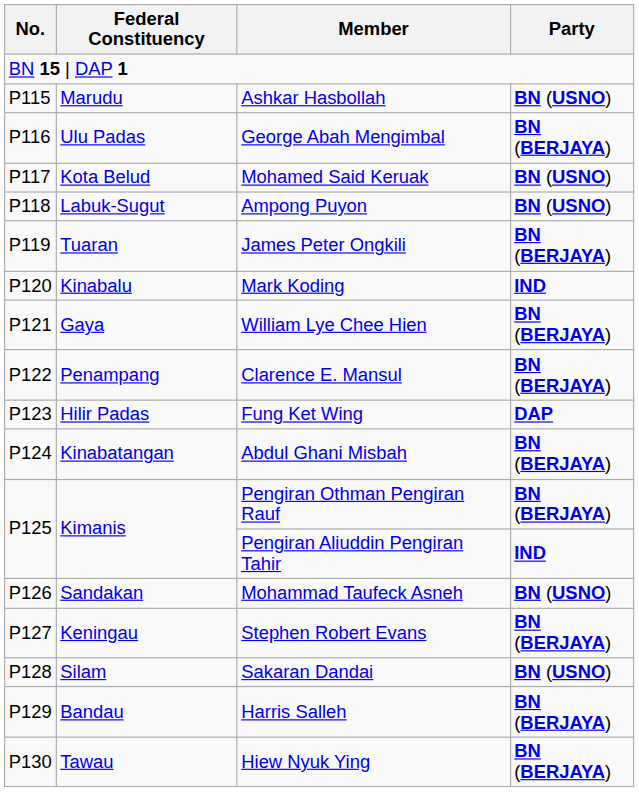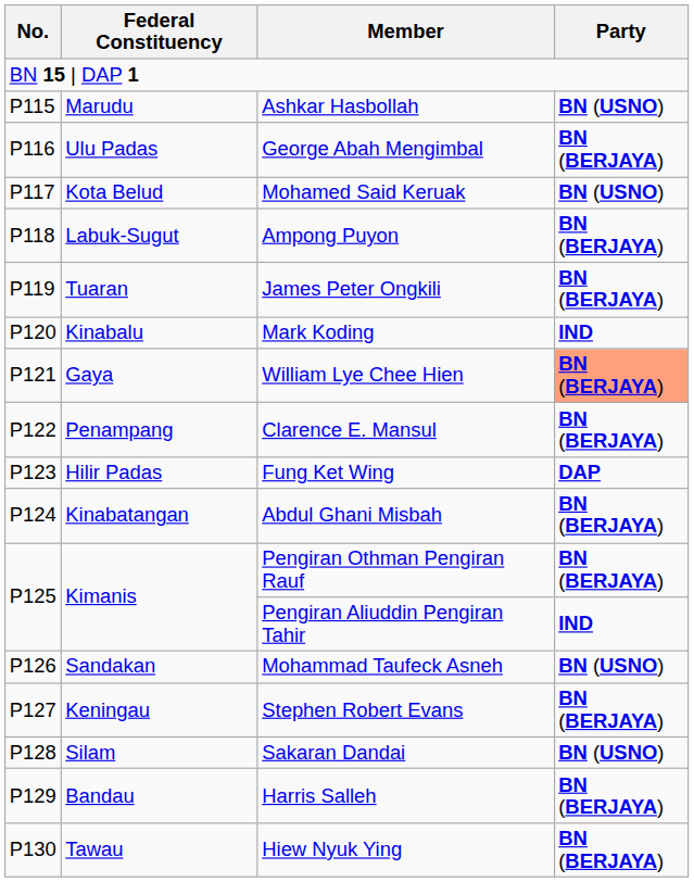 <table class="wikitable sortable">
 <tr>
 <th style="width:30px;">No.</th>
 <th style="width:150px;">Federal Constituency</th>
 <th style="width:230px;">Member</th>
 <th style="width:100px;">Party</th>
 </tr>
 <tr>
 <td colspan="4"><a href='#'>BN</a> <strong>15</strong> | <a href='#'>DAP</a> <strong>1</strong></td>
 </tr>
 <tr>
 <td>P115</td>
 <td><a href='#'>Marudu</a></td>
 <td><a href='#'>Ashkar Hasbollah</a></td>
 <td><strong><a href='#'>BN</a></strong> (<strong><a href='#'>USNO</a></strong>)</td>
 </tr>
 <tr>
 <td>P116</td>
 <td><a href='#'>Ulu Padas</a></td>
 <td><a href='#'>George Abah Mengimbal</a></td>
 <td><strong><a href='#'>BN</a></strong> (<strong><a href='#'>BERJAYA</a></strong>)</td>
 </tr>
 <tr>
 <td>P117</td>
 <td><a href='#'>Kota Belud</a></td>
 <td><a href='#'>Mohamed Said Keruak</a></td>
 <td><strong><a href='#'>BN</a></strong> (<strong><a href='#'>USNO</a></strong>)</td>
 </tr>
 <tr>
 <td>P118</td>
 <td><a href='#'>Labuk-Sugut</a></td>
 <td><a href='#'>Ampong Puyon</a></td>
-<td><strong><a href='#'>BN</a></strong> (<strong><a href='#'>USNO</a></strong>)</td>
+<td><strong><a href='#'>BN</a></strong> (<strong><a href='#'>BERJAYA</a></strong>)</td>
 </tr>
 <tr>
 <td>P119</td>
 <td><a href='#'>Tuaran</a></td>
 <td><a href='#'>James Peter Ongkili</a></td>
 <td><strong><a href='#'>BN</a></strong> (<strong><a href='#'>BERJAYA</a></strong>)</td>
 </tr>
 <tr>
 <td>P120</td>
 <td><a href='#'>Kinabalu</a></td>
 <td><a href='#'>Mark Koding</a></td>
 <td><strong><a href='#'>IND</a></strong></td>
 </tr>
 <tr>
 <td>P121</td>
 <td><a href='#'>Gaya</a></td>
 <td><a href='#'>William Lye Chee Hien</a></td>
-<td><strong><a href='#'>BN</a></strong> (<strong><a href='#'>BERJAYA</a></strong>)</td>
+<td style="background: lightsalmon;"><strong><a href='#'>BN</a></strong> (<strong><a href='#'>BERJAYA</a></strong>)</td>
 </tr>
 <tr>
 <td>P122</td>
 <td><a href='#'>Penampang</a></td>
 <td><a href='#'>Clarence E. Mansul</a></td>
 <td><strong><a href='#'>BN</a></strong> (<strong><a href='#'>BERJAYA</a></strong>)</td>
 </tr>
 <tr>
 <td>P123</td>
 <td><a href='#'>Hilir Padas</a></td>
 <td><a href='#'>Fung Ket Wing</a></td>
 <td><strong><a href='#'>DAP</a></strong></td>
 </tr>
 <tr>
 <td>P124</td>
 <td><a href='#'>Kinabatangan</a></td>
 <td><a href='#'>Abdul Ghani Misbah</a></td>
 <td><strong><a href='#'>BN</a></strong> (<strong><a href='#'>BERJAYA</a></strong>)</td>
 </tr>
 <tr>
 <td rowspan=2>P125</td>
 <td rowspan=2><a href='#'>Kimanis</a></td>
 <td><a href='#'>Pengiran Othman Pengiran Rauf</a> </td>
 <td><strong><a href='#'>BN</a></strong> (<strong><a href='#'>BERJAYA</a></strong>)</td>
 </tr>
 <tr>
 <td><a href='#'>Pengiran Aliuddin Pengiran Tahir</a> </td>
 <td><strong><a href='#'>IND</a></strong></td>
 </tr>
 <tr>
 <td>P126</td>
 <td><a href='#'>Sandakan</a></td>
 <td><a href='#'>Mohammad Taufeck Asneh</a></td>
 <td><strong><a href='#'>BN</a></strong> (<strong><a href='#'>USNO</a></strong>)</td>
 </tr>
 <tr>
 <td>P127</td>
 <td><a href='#'>Keningau</a></td>
 <td><a href='#'>Stephen Robert Evans</a></td>
 <td><strong><a href='#'>BN</a></strong> (<strong><a href='#'>BERJAYA</a></strong>)</td>
 </tr>
 <tr>
 <td>P128</td>
 <td><a href='#'>Silam</a></td>
 <td><a href='#'>Sakaran Dandai</a></td>
 <td><strong><a href='#'>BN</a></strong> (<strong><a href='#'>USNO</a></strong>)</td>
 </tr>
 <tr>
 <td>P129</td>
 <td><a href='#'>Bandau</a></td>
 <td><a href='#'>Harris Salleh</a></td>
 <td><strong><a href='#'>BN</a></strong> (<strong><a href='#'>BERJAYA</a></strong>)</td>
 </tr>
 <tr>
 <td>P130</td>
 <td><a href='#'>Tawau</a></td>
 <td><a href='#'>Hiew Nyuk Ying</a></td>
 <td><strong><a href='#'>BN</a></strong> (<strong><a href='#'>BERJAYA</a></strong>)</td>
 </tr>
 </table>
